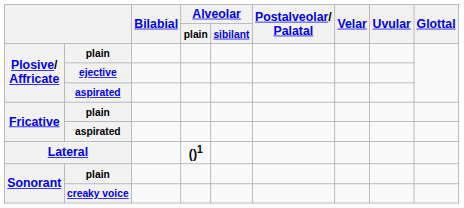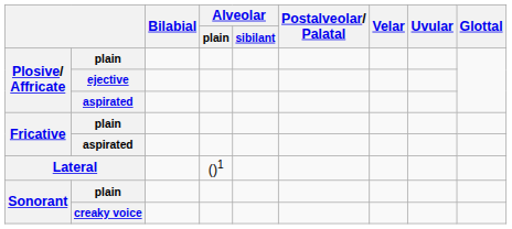 <table class="wikitable" style="text-align:center">
 <tr>
 <th colspan=2 rowspan=2></th>
 <th rowspan=2><a href='#'>Bilabial</a></th>
 <th colspan=2><a href='#'>Alveolar</a></th>
 <th rowspan=2><a href='#'>Postalveolar</a>/<br><a href='#'>Palatal</a></th>
 <th rowspan=2><a href='#'>Velar</a></th>
 <th rowspan=2><a href='#'>Uvular</a></th>
 <th rowspan=2><a href='#'>Glottal</a></th>
 </tr>
 <tr>
 <th><small>plain</small></th>
 <th><small><a href='#'>sibilant</a></small></th>
 </tr>
 <tr>
 <th rowspan=3><a href='#'>Plosive</a>/<br><a href='#'>Affricate</a></th>
 <th><small>plain</small></th>
 <td></td>
 <td></td>
 <td></td>
 <td></td>
 <td></td>
 <td></td>
 <td rowspan=3></td>
 </tr>
 <tr>
 <th><small><a href='#'>ejective</a></small></th>
 <td></td>
 <td></td>
 <td></td>
 <td></td>
 <td></td>
 <td></td>
 </tr>
 <tr>
 <th><small><a href='#'>aspirated</a></small></th>
 <td></td>
 <td></td>
 <td></td>
 <td></td>
 <td></td>
 <td></td>
 </tr>
 <tr>
 <th rowspan=2><a href='#'>Fricative</a></th>
 <th><small>plain</small></th>
 <td></td>
 <td></td>
 <td></td>
 <td></td>
 <td></td>
 <td></td>
 <td></td>
 </tr>
 <tr>
 <th><small>aspirated</small></th>
 <td></td>
 <td></td>
 <td></td>
 <td></td>
 <td></td>
 <td></td>
 <td></td>
 </tr>
 <tr>
 <th colspan=2><a href='#'>Lateral</a></th>
 <td></td>
-<td><strong> ()<sup>1</sup></strong></td>
+<td> ()<sup>1</sup></td>
 <td></td>
 <td></td>
 <td></td>
 <td></td>
 <td></td>
 </tr>
 <tr>
 <th rowspan=2><a href='#'>Sonorant</a></th>
 <th><small>plain</small></th>
 <td></td>
 <td></td>
 <td></td>
 <td></td>
 <td></td>
 <td></td>
 <td></td>
 </tr>
 <tr>
 <th><a href='#'><small>creaky voice</small></a></th>
 <td></td>
 <td></td>
 <td></td>
 <td></td>
 <td></td>
 <td></td>
 <td></td>
 </tr>
 </table>
